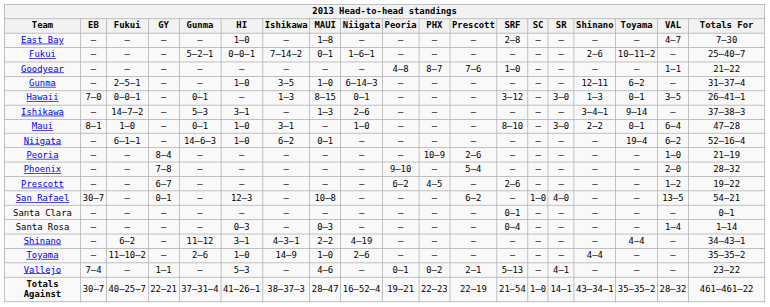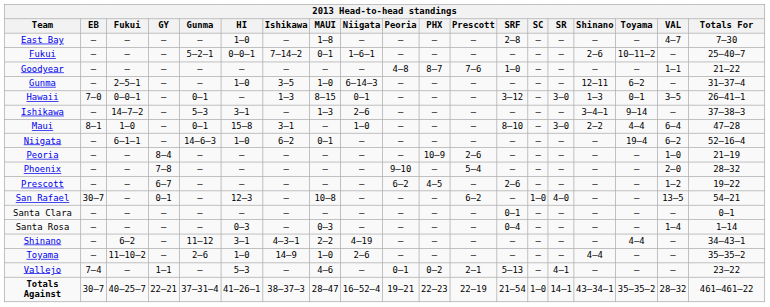 <table class="wikitable" style="font-size:95%; text-align:center;">
 <tr>
 <th colspan=19>2013 Head-to-head standings</th>
 </tr>
 <tr>
 <th style="width:100px;">Team</th>
 <th>EB</th>
 <th>Fukui</th>
 <th>GY</th>
 <th>Gunma</th>
 <th>HI</th>
 <th>Ishikawa</th>
 <th>MAUI</th>
 <th>Niigata</th>
 <th>Peoria</th>
 <th>PHX</th>
 <th>Prescott</th>
 <th>SRF</th>
 <th>SC</th>
 <th>SR</th>
 <th>Shinano</th>
 <th>Toyama</th>
 <th>VAL</th>
 <th style= "width:100px;">Totals For</th>
 </tr>
 <tr>
 <td><a href='#'>East Bay</a></td>
 <td>—</td>
 <td>—</td>
 <td>—</td>
 <td>—</td>
 <td>1—0</td>
 <td>—</td>
 <td>1—8</td>
 <td>—</td>
 <td>—</td>
 <td>—</td>
 <td>—</td>
 <td>2—8</td>
 <td>—</td>
 <td>—</td>
 <td>—</td>
 <td>—</td>
 <td>4—7</td>
 <td>7–30</td>
 </tr>
 <tr>
 <td><a href='#'>Fukui</a></td>
 <td>—</td>
 <td>—</td>
 <td>—</td>
 <td>5–2–1</td>
 <td>0–0–1</td>
 <td>7–14–2</td>
 <td>0—1</td>
 <td>1–6–1</td>
 <td>—</td>
 <td>—</td>
 <td>—</td>
 <td>—</td>
 <td>—</td>
 <td>—</td>
 <td>2—6</td>
 <td>10–11–2</td>
 <td>—</td>
 <td>25–40–7</td>
 </tr>
 <tr>
 <td><a href='#'>Goodyear</a></td>
 <td>—</td>
 <td>—</td>
 <td>—</td>
 <td>—</td>
 <td>—</td>
 <td>—</td>
 <td>—</td>
 <td>—</td>
 <td>4–8</td>
 <td>8–7</td>
 <td>7–6</td>
 <td>1—0</td>
 <td>—</td>
 <td>—</td>
 <td>—</td>
 <td>—</td>
 <td>1—1</td>
 <td>21–22</td>
 </tr>
 <tr>
 <td><a href='#'>Gunma</a></td>
 <td>—</td>
 <td>2–5–1</td>
 <td>—</td>
 <td>—</td>
 <td>1—0</td>
 <td>3—5</td>
 <td>1—0</td>
 <td>6–14–3</td>
 <td>—</td>
 <td>—</td>
 <td>—</td>
 <td>—</td>
 <td>—</td>
 <td>—</td>
 <td>12—11</td>
 <td>6—2</td>
 <td>—</td>
 <td>31–37–4</td>
 </tr>
 <tr>
 <td><a href='#'>Hawaii</a></td>
 <td>7—0</td>
 <td>0–0–1</td>
 <td>—</td>
 <td>0—1</td>
 <td>—</td>
 <td>1—3</td>
 <td>8—15</td>
 <td>0—1</td>
 <td>—</td>
 <td>—</td>
 <td>—</td>
 <td>3—12</td>
 <td>—</td>
 <td>3—0</td>
 <td>1—3</td>
 <td>0–1</td>
 <td>3–5</td>
 <td>26–41–1</td>
 </tr>
 <tr>
 <td><a href='#'>Ishikawa</a></td>
 <td>—</td>
 <td>14–7–2</td>
 <td>—</td>
 <td>5—3</td>
 <td>3—1</td>
 <td>—</td>
 <td>1—3</td>
 <td>2—6</td>
 <td>—</td>
 <td>—</td>
 <td>—</td>
 <td>—</td>
 <td>—</td>
 <td>—</td>
 <td>3–4–1</td>
 <td>9–14</td>
 <td>—</td>
 <td>37–38–3</td>
 </tr>
 <tr>
 <td><a href='#'>Maui</a></td>
 <td>8—1</td>
 <td>1—0</td>
 <td>—</td>
 <td>0—1</td>
-<td>1—0</td>
+<td>15—8</td>
 <td>3—1</td>
 <td>—</td>
 <td>1—0</td>
 <td>—</td>
 <td>—</td>
 <td>—</td>
 <td>8—10</td>
 <td>—</td>
 <td>3—0</td>
 <td>2—2</td>
-<td>0—1</td>
+<td>4—4</td>
 <td>6—4</td>
 <td>47–28</td>
 </tr>
 <tr>
 <td><a href='#'>Niigata</a></td>
 <td>—</td>
 <td>6–1–1</td>
 <td>—</td>
 <td>14–6–3</td>
 <td>1—0</td>
 <td>6—2</td>
 <td>0—1</td>
 <td>—</td>
 <td>—</td>
 <td>—</td>
 <td>—</td>
 <td>—</td>
 <td>—</td>
 <td>—</td>
 <td>—</td>
 <td>19–4</td>
 <td>6—2</td>
 <td>52–16–4</td>
 </tr>
 <tr>
 <td><a href='#'>Peoria</a></td>
 <td>—</td>
 <td>—</td>
 <td>8–4</td>
 <td>—</td>
 <td>—</td>
 <td>—</td>
 <td>—</td>
 <td>—</td>
 <td>—</td>
 <td>10–9</td>
 <td>2–6</td>
 <td>—</td>
 <td>—</td>
 <td>—</td>
 <td>—</td>
 <td>—</td>
 <td>1—0</td>
 <td>21–19</td>
 </tr>
 <tr>
 <td><a href='#'>Phoenix</a></td>
 <td>—</td>
 <td>—</td>
 <td>7–8</td>
 <td>—</td>
 <td>—</td>
 <td>—</td>
 <td>—</td>
 <td>—</td>
 <td>9–10</td>
 <td>—</td>
 <td>5–4</td>
 <td>—</td>
 <td>—</td>
 <td>—</td>
 <td>—</td>
 <td>—</td>
 <td>2—0</td>
 <td>28–32</td>
 </tr>
 <tr>
 <td><a href='#'>Prescott</a></td>
 <td>—</td>
 <td>—</td>
 <td>6–7</td>
 <td>—</td>
 <td>—</td>
 <td>—</td>
 <td>—</td>
 <td>—</td>
 <td>6–2</td>
 <td>4–5</td>
 <td>—</td>
 <td>2—6</td>
 <td>—</td>
 <td>—</td>
 <td>—</td>
 <td>—</td>
 <td>1—2</td>
 <td>19–22</td>
 </tr>
 <tr>
 <td><a href='#'>San Rafael</a></td>
 <td>30—7</td>
 <td>—</td>
 <td>0—1</td>
 <td>—</td>
 <td>12—3</td>
 <td>—</td>
 <td>10—8</td>
 <td>—</td>
 <td>—</td>
 <td>—</td>
 <td>6—2</td>
 <td>—</td>
 <td>1—0</td>
 <td>4—0</td>
 <td>—</td>
 <td>—</td>
 <td>13—5</td>
 <td>54–21</td>
 </tr>
 <tr>
 <td>Santa Clara</td>
 <td>—</td>
 <td>—</td>
 <td>—</td>
 <td>—</td>
 <td>—</td>
 <td>—</td>
 <td>—</td>
 <td>—</td>
 <td>—</td>
 <td>—</td>
 <td>—</td>
 <td>0–1</td>
 <td>—</td>
 <td>—</td>
 <td>—</td>
 <td>—</td>
 <td>—</td>
 <td>0–1</td>
 </tr>
 <tr>
 <td>Santa Rosa</td>
 <td>—</td>
 <td>—</td>
 <td>—</td>
 <td>—</td>
 <td>0—3</td>
 <td>—</td>
 <td>0—3</td>
 <td>—</td>
 <td>—</td>
 <td>—</td>
 <td>—</td>
 <td>0—4</td>
 <td>—</td>
 <td>—</td>
 <td>—</td>
 <td>—</td>
 <td>1—4</td>
 <td>1–14</td>
 </tr>
 <tr>
 <td><a href='#'>Shinano</a></td>
 <td>—</td>
 <td>6—2</td>
 <td>—</td>
 <td>11—12</td>
 <td>3—1</td>
 <td>4–3–1</td>
 <td>2—2</td>
 <td>4—19</td>
 <td>—</td>
 <td>—</td>
 <td>—</td>
 <td>—</td>
 <td>—</td>
 <td>—</td>
 <td>—</td>
 <td>4—4</td>
 <td>—</td>
 <td>34–43–1</td>
 </tr>
 <tr>
 <td><a href='#'>Toyama</a></td>
 <td>—</td>
 <td>11–10–2</td>
 <td>—</td>
 <td>2—6</td>
 <td>1—0</td>
 <td>14—9</td>
 <td>1—0</td>
 <td>2—6</td>
 <td>—</td>
 <td>—</td>
 <td>—</td>
 <td>—</td>
 <td>—</td>
 <td>—</td>
 <td>4—4</td>
 <td>—</td>
 <td>—</td>
 <td>35–35–2</td>
 </tr>
 <tr>
 <td><a href='#'>Vallejo</a></td>
 <td>7—4</td>
 <td>—</td>
 <td>1—1</td>
 <td>—</td>
 <td>5—3</td>
 <td>—</td>
 <td>4—6</td>
 <td>—</td>
 <td>0—1</td>
 <td>0—2</td>
 <td>2—1</td>
 <td>5—13</td>
 <td>—</td>
 <td>4—1</td>
 <td>—</td>
 <td>—</td>
 <td>—</td>
 <td>23–22</td>
 </tr>
 <tr>
 <td><strong>Totals Against</strong></td>
 <td>30—7</td>
 <td>40–25–7</td>
 <td>22—21</td>
 <td>37–31–4</td>
 <td>41–26–1</td>
 <td>38–37–3</td>
 <td>28–47</td>
 <td>16–52–4</td>
 <td>19–21</td>
 <td>22—23</td>
 <td>22—19</td>
 <td>21–54</td>
 <td>1—0</td>
 <td>14—1</td>
 <td>43–34–1</td>
 <td>35–35–2</td>
 <td>28–32</td>
 <td>461–461–22</td>
 </tr>
 </table>
